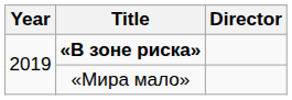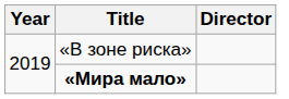 <table class="wikitable plainrowheaders" style="text-align:center">
 <tr>
 <th>Year</th>
 <th>Title</th>
 <th>Director</th>
 </tr>
 <tr>
 <td rowspan="2">2019</td>
-<td align="left"><strong>«В зоне риска»</strong></td>
+<td align="left">«В зоне риска»</td>
 <td></td>
 </tr>
 <tr>
-<td>«Мира мало»</td>
+<td><strong>«Мира мало»</strong></td>
 <td></td>
 </tr>
 </table>
